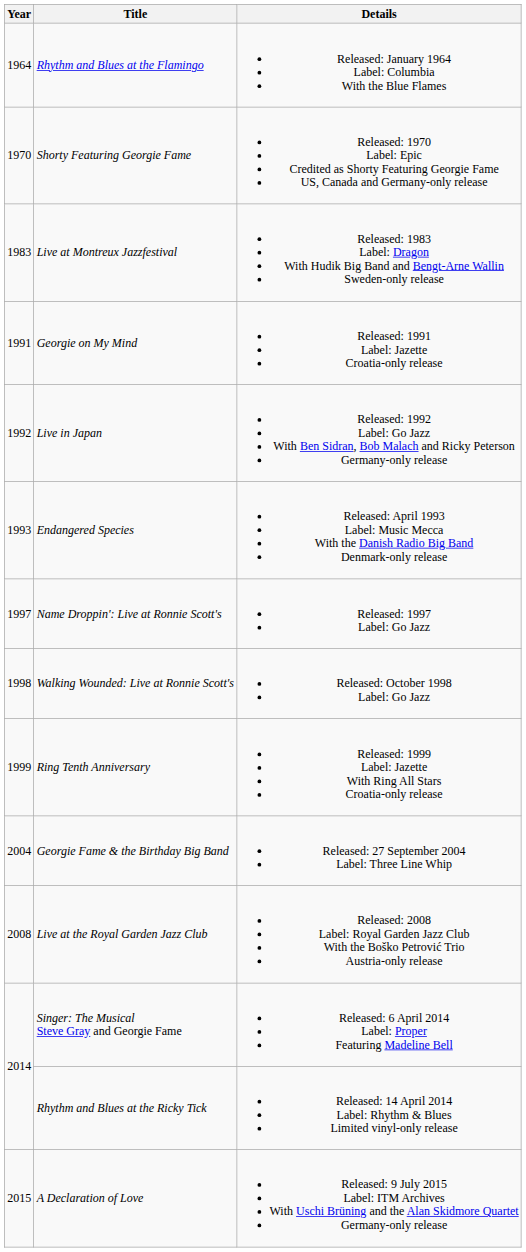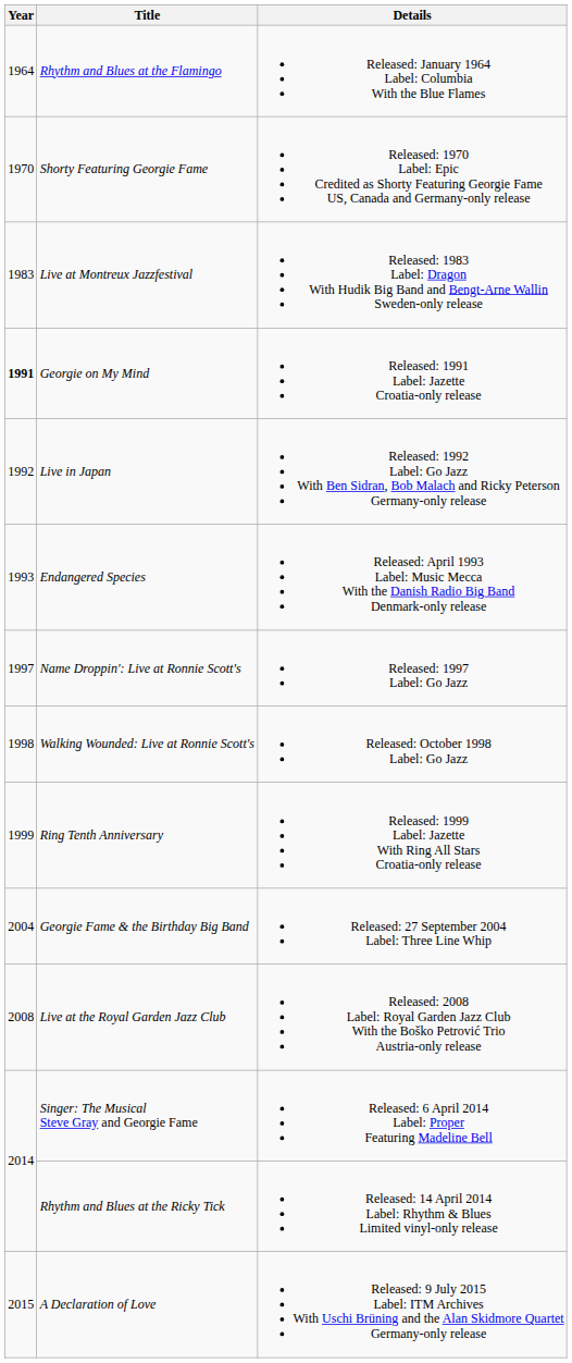 <table class="wikitable" style="text-align:center">
 <tr>
 <th>Year</th>
 <th>Title</th>
 <th>Details</th>
 </tr>
 <tr>
 <td>1964</td>
 <td align="left"><em><a href='#'>Rhythm and Blues at the Flamingo</a></em></td>
 <td><br><ul><li>Released: January 1964</li><li>Label: Columbia</li><li>With the Blue Flames</li></ul></td>
 </tr>
 <tr>
 <td>1970</td>
 <td align="left"><em>Shorty Featuring Georgie Fame</em></td>
 <td><br><ul><li>Released: 1970</li><li>Label: Epic</li><li>Credited as Shorty Featuring Georgie Fame</li><li>US, Canada and Germany-only release</li></ul></td>
 </tr>
 <tr>
 <td>1983</td>
 <td align="left"><em>Live at Montreux Jazzfestival</em></td>
 <td><br><ul><li>Released: 1983</li><li>Label: <a href='#'>Dragon</a></li><li>With Hudik Big Band and <a href='#'>Bengt-Arne Wallin</a></li><li>Sweden-only release</li></ul></td>
 </tr>
 <tr>
-<td>1991</td>
+<td><strong>1991</strong></td>
 <td align="left"><em>Georgie on My Mind</em></td>
 <td><br><ul><li>Released: 1991</li><li>Label: Jazette</li><li>Croatia-only release</li></ul></td>
 </tr>
 <tr>
 <td>1992</td>
 <td align="left"><em>Live in Japan</em></td>
 <td><br><ul><li>Released: 1992</li><li>Label: Go Jazz</li><li>With <a href='#'>Ben Sidran</a>, <a href='#'>Bob Malach</a> and Ricky Peterson</li><li>Germany-only release</li></ul></td>
 </tr>
 <tr>
 <td>1993</td>
 <td align="left"><em>Endangered Species</em></td>
 <td><br><ul><li>Released: April 1993</li><li>Label: Music Mecca</li><li>With the <a href='#'>Danish Radio Big Band</a></li><li>Denmark-only release</li></ul></td>
 </tr>
 <tr>
 <td>1997</td>
 <td align="left"><em>Name Droppin': Live at Ronnie Scott's</em></td>
 <td><br><ul><li>Released: 1997</li><li>Label: Go Jazz</li></ul></td>
 </tr>
 <tr>
 <td>1998</td>
 <td align="left"><em>Walking Wounded: Live at Ronnie Scott's</em></td>
 <td><br><ul><li>Released: October 1998</li><li>Label: Go Jazz</li></ul></td>
 </tr>
 <tr>
 <td>1999</td>
 <td align="left"><em>Ring Tenth Anniversary</em></td>
 <td><br><ul><li>Released: 1999</li><li>Label: Jazette</li><li>With Ring All Stars</li><li>Croatia-only release</li></ul></td>
 </tr>
 <tr>
 <td>2004</td>
 <td align="left"><em>Georgie Fame & the Birthday Big Band</em></td>
 <td><br><ul><li>Released: 27 September 2004</li><li>Label: Three Line Whip</li></ul></td>
 </tr>
 <tr>
 <td>2008</td>
 <td align="left"><em>Live at the Royal Garden Jazz Club</em></td>
 <td><br><ul><li>Released: 2008</li><li>Label: Royal Garden Jazz Club</li><li>With the Boško Petrović Trio</li><li>Austria-only release</li></ul></td>
 </tr>
 <tr>
 <td rowspan="2">2014</td>
 <td align="left"><em>Singer: The Musical</em><br><a href='#'>Steve Gray</a> and Georgie Fame</td>
 <td><br><ul><li>Released: 6 April 2014</li><li>Label: <a href='#'>Proper</a></li><li>Featuring <a href='#'>Madeline Bell</a></li></ul></td>
 </tr>
 <tr>
 <td align="left"><em>Rhythm and Blues at the Ricky Tick</em></td>
 <td><br><ul><li>Released: 14 April 2014</li><li>Label: Rhythm & Blues</li><li>Limited vinyl-only release</li></ul></td>
 </tr>
 <tr>
 <td>2015</td>
 <td align="left"><em>A Declaration of Love</em></td>
 <td><br><ul><li>Released: 9 July 2015</li><li>Label: ITM Archives</li><li>With <a href='#'>Uschi Brüning</a> and the <a href='#'>Alan Skidmore Quartet</a></li><li>Germany-only release</li></ul></td>
 </tr>
 </table>
